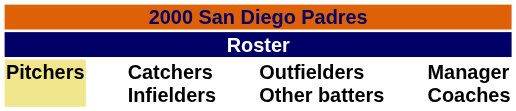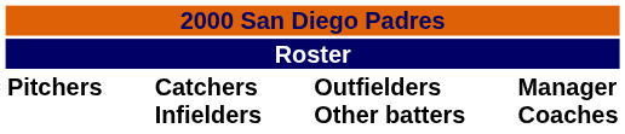 <table class="toccolours" style="font-size: 95%;">
 <tr>
 <th colspan="10" style="background-color: #de6108;; color: #000066; text-align: center;">2000 San Diego Padres</th>
 </tr>
 <tr>
 <td colspan="10" style="background-color: #000066; color: #FFFFFF; text-align: center;"><strong>Roster</strong></td>
 </tr>
 <tr>
-<td valign="top" style="background: khaki;"><strong>Pitchers</strong><br>                            </td>
+<td valign="top"><strong>Pitchers</strong><br>                            </td>
 <td width="25px"></td>
 <td valign="top"><strong>Catchers</strong><br>    <strong>Infielders</strong>              </td>
 <td width="25px"></td>
 <td valign="top"><strong>Outfielders</strong><br>        <strong>Other batters</strong> </td>
 <td width="25px"></td>
 <td valign="top"><strong>Manager</strong><br> <strong>Coaches</strong>      </td>
 </tr>
 </table>
